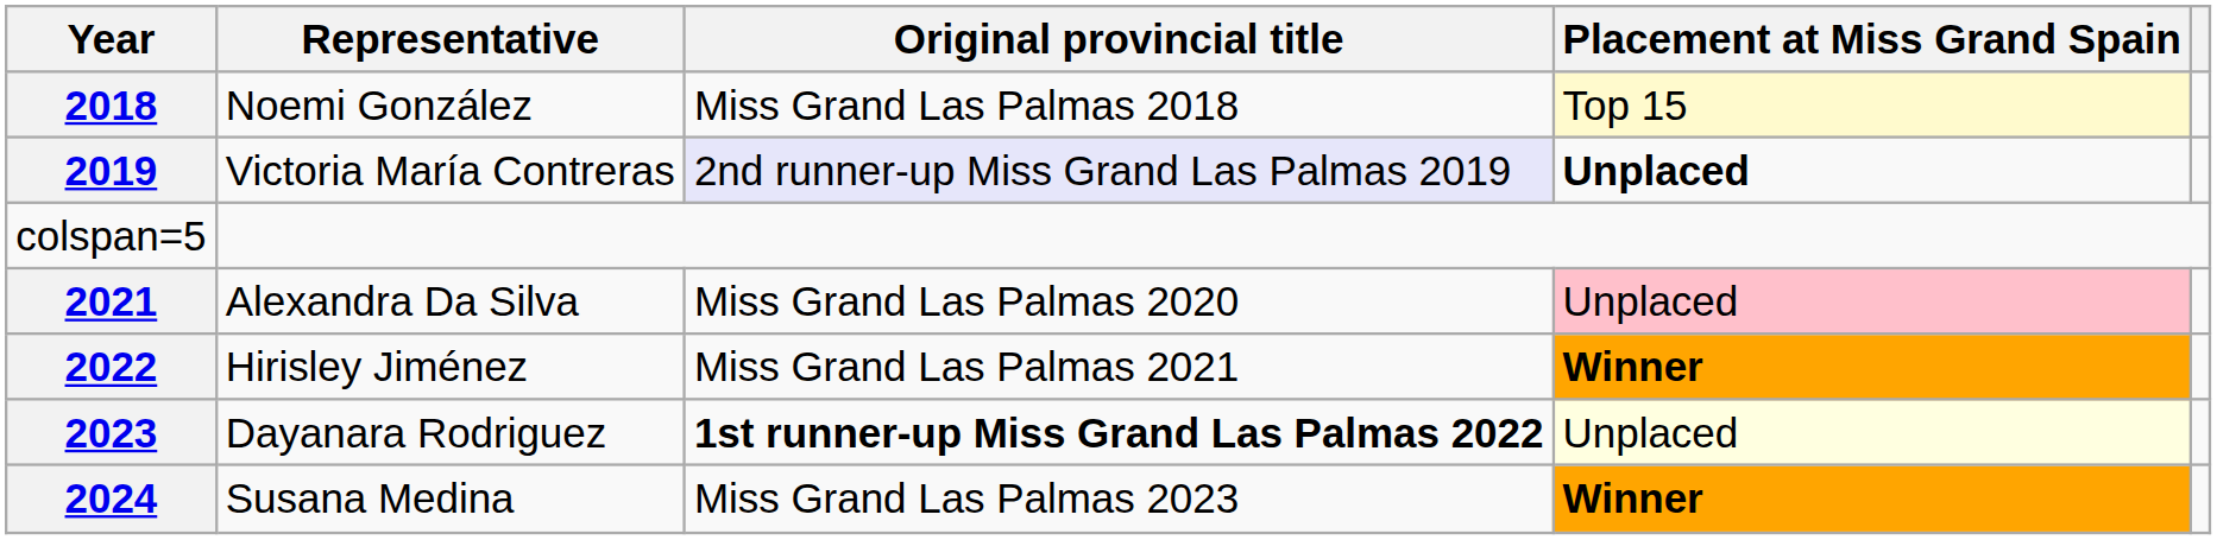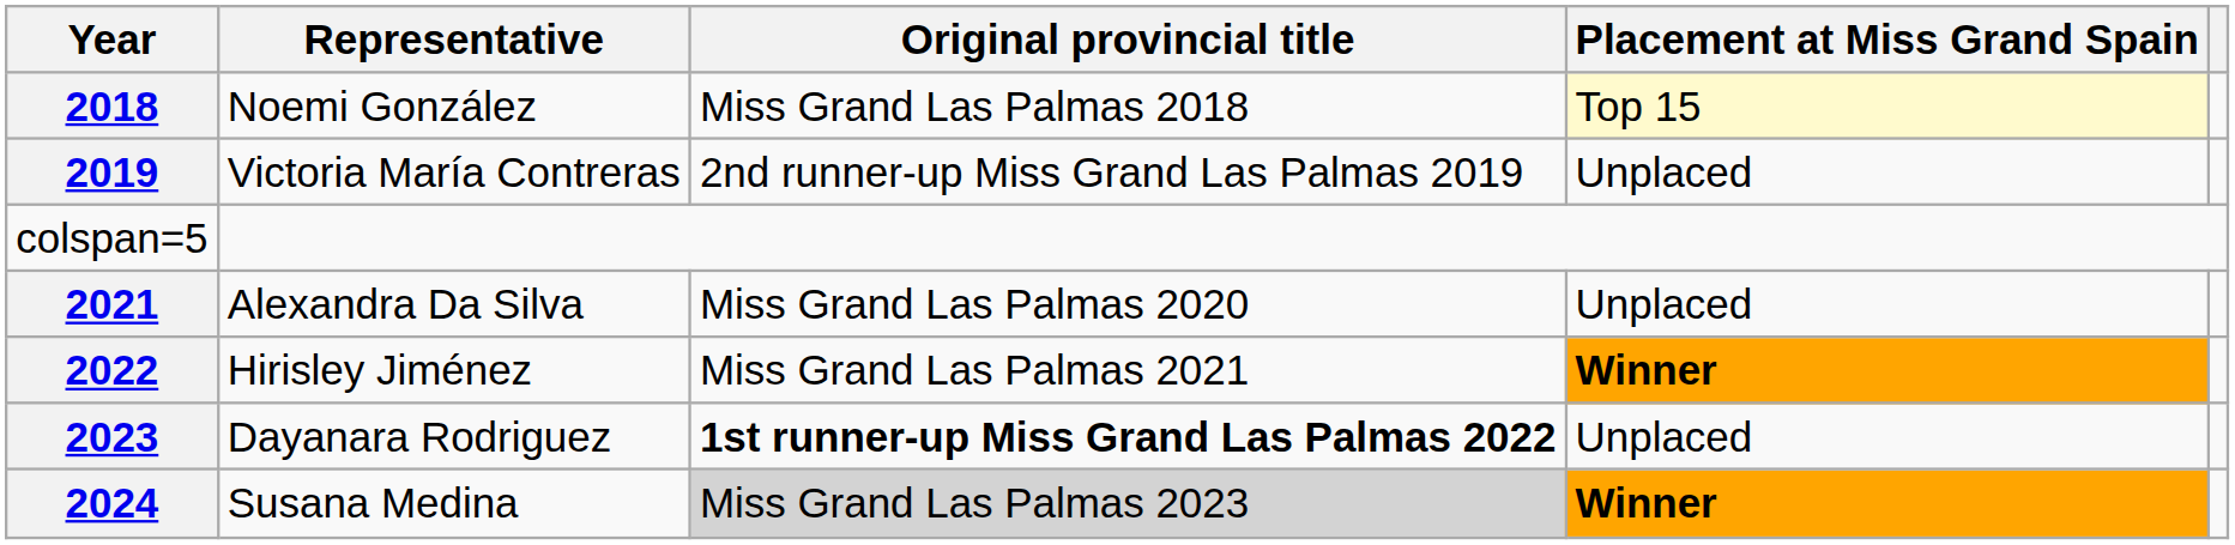 <table class="wikitable defaultcenter col2left" style="font-size:95%;">
 <tr>
 <th>Year</th>
 <th>Representative</th>
 <th>Original provincial title</th>
 <th>Placement at Miss Grand Spain</th>
 <th></th>
 </tr>
 <tr>
 <th><a href='#'>2018</a></th>
 <td>Noemi González</td>
 <td>Miss Grand Las Palmas 2018</td>
 <td bgcolor=#FFFACD>Top 15</td>
 <td></td>
 </tr>
 <tr>
 <th><a href='#'>2019</a></th>
 <td>Victoria María Contreras</td>
-<td style="background: lavender;">2nd runner-up Miss Grand Las Palmas 2019</td>
-<td><strong>Unplaced</strong></td>
+<td>2nd runner-up Miss Grand Las Palmas 2019</td>
+<td>Unplaced</td>
 <td></td>
 </tr>
 <tr>
 <td>colspan=5 </td>
 </tr>
 <tr>
 <th><a href='#'>2021</a></th>
 <td>Alexandra Da Silva</td>
 <td>Miss Grand Las Palmas 2020</td>
-<td style="background: pink;">Unplaced</td>
+<td>Unplaced</td>
 <td></td>
 </tr>
 <tr>
 <th><a href='#'>2022</a></th>
 <td>Hirisley Jiménez</td>
 <td>Miss Grand Las Palmas 2021</td>
 <td bgcolor=Orange><strong>Winner</strong></td>
 <td></td>
 </tr>
 <tr>
 <th><a href='#'>2023</a></th>
 <td>Dayanara Rodriguez</td>
 <td><strong>1st runner-up Miss Grand Las Palmas 2022</strong></td>
-<td style="background: lightyellow;">Unplaced</td>
+<td>Unplaced</td>
 <td></td>
 </tr>
 <tr>
 <th><a href='#'>2024</a></th>
 <td>Susana Medina</td>
-<td>Miss Grand Las Palmas 2023</td>
+<td style="background: lightgrey;">Miss Grand Las Palmas 2023</td>
 <td bgcolor=Orange><strong>Winner</strong></td>
 <td></td>
 </tr>
 </table>
